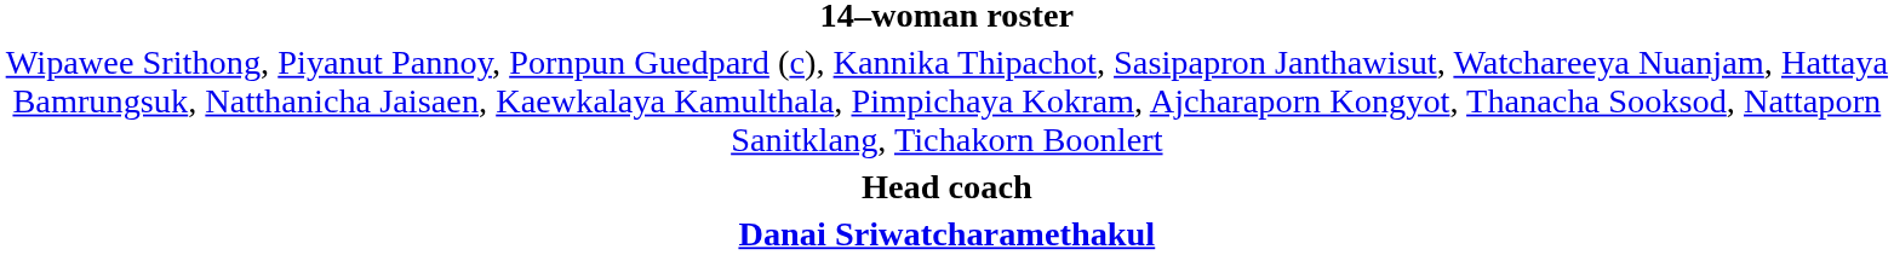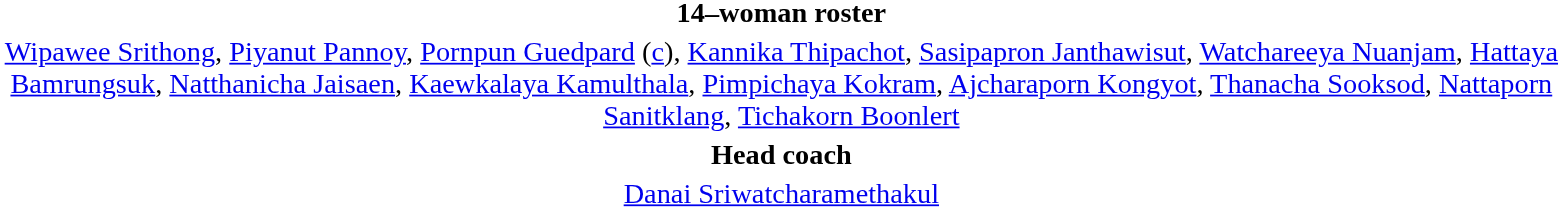 <table style="text-align:center; margin-top:2em; margin-left:auto; margin-right:auto">
 <tr>
 <td><strong>14–woman roster</strong></td>
 </tr>
 <tr>
 <td><a href='#'>Wipawee Srithong</a>, <a href='#'>Piyanut Pannoy</a>, <a href='#'>Pornpun Guedpard</a> (<a href='#'>c</a>), <a href='#'>Kannika Thipachot</a>, <a href='#'>Sasipapron Janthawisut</a>, <a href='#'>Watchareeya Nuanjam</a>, <a href='#'>Hattaya Bamrungsuk</a>, <a href='#'>Natthanicha Jaisaen</a>, <a href='#'>Kaewkalaya Kamulthala</a>, <a href='#'>Pimpichaya Kokram</a>, <a href='#'>Ajcharaporn Kongyot</a>, <a href='#'>Thanacha Sooksod</a>, <a href='#'>Nattaporn Sanitklang</a>, <a href='#'>Tichakorn Boonlert</a></td>
 </tr>
 <tr>
 <td><strong>Head coach</strong></td>
 </tr>
 <tr>
-<td><strong><a href='#'>Danai Sriwatcharamethakul</a></strong></td>
+<td><a href='#'>Danai Sriwatcharamethakul</a></td>
 </tr>
 </table>
